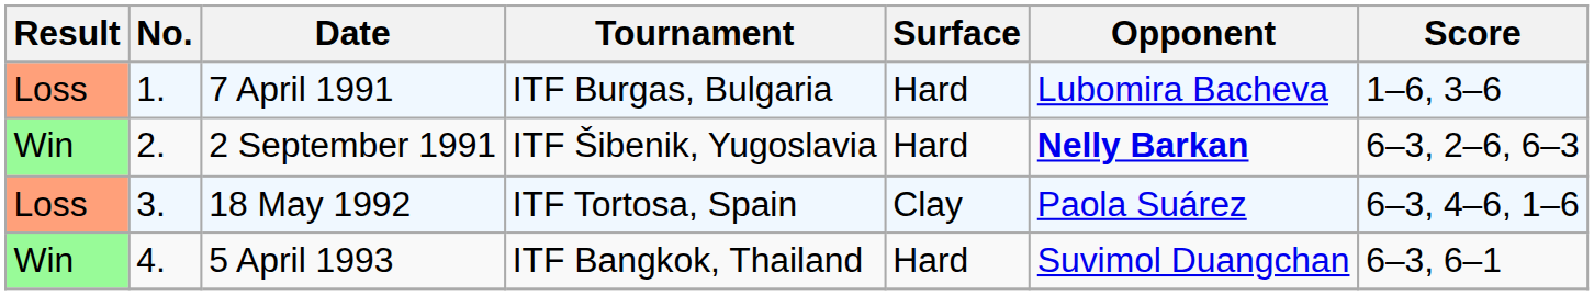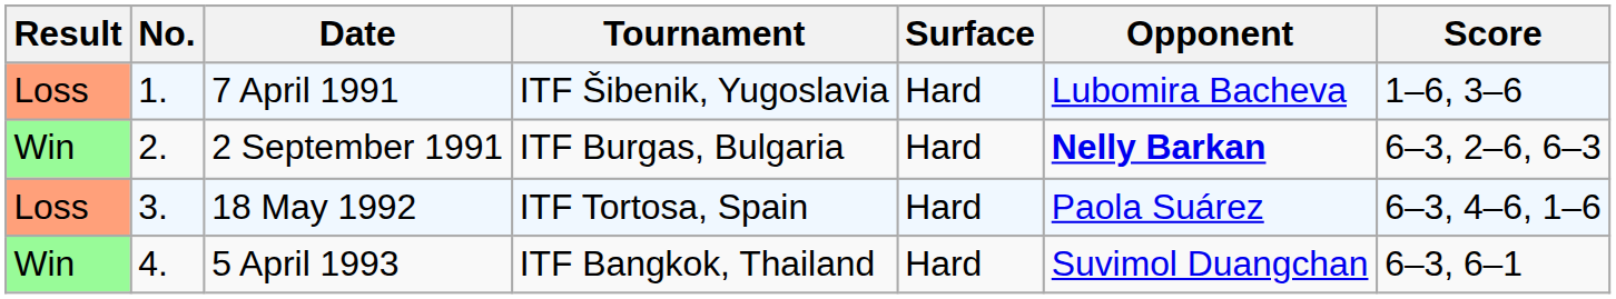 <table class="sortable wikitable" style="font-size:97%;">
 <tr>
 <th>Result</th>
 <th>No.</th>
 <th>Date</th>
 <th>Tournament</th>
 <th>Surface</th>
 <th>Opponent</th>
 <th>Score</th>
 </tr>
 <tr style="background:#f0f8ff;">
 <td style="background:#ffa07a;">Loss</td>
 <td>1.</td>
 <td>7 April 1991</td>
-<td>ITF Burgas, Bulgaria</td>
+<td>ITF Šibenik, Yugoslavia</td>
 <td>Hard</td>
 <td> <a href='#'>Lubomira Bacheva</a></td>
 <td>1–6, 3–6</td>
 </tr>
 <tr>
 <td style="background:#98fb98;">Win</td>
 <td>2.</td>
 <td>2 September 1991</td>
-<td>ITF Šibenik, Yugoslavia</td>
+<td>ITF Burgas, Bulgaria</td>
 <td>Hard</td>
 <td><strong> <a href='#'>Nelly Barkan</a></strong></td>
 <td>6–3, 2–6, 6–3</td>
 </tr>
 <tr style="background:#f0f8ff;">
 <td style="background:#ffa07a;">Loss</td>
 <td>3.</td>
 <td>18 May 1992</td>
 <td>ITF Tortosa, Spain</td>
-<td>Clay</td>
+<td>Hard</td>
 <td> <a href='#'>Paola Suárez</a></td>
 <td>6–3, 4–6, 1–6</td>
 </tr>
 <tr>
 <td style="background:#98fb98;">Win</td>
 <td>4.</td>
 <td>5 April 1993</td>
 <td>ITF Bangkok, Thailand</td>
 <td>Hard</td>
 <td> <a href='#'>Suvimol Duangchan</a></td>
 <td>6–3, 6–1</td>
 </tr>
 </table>
